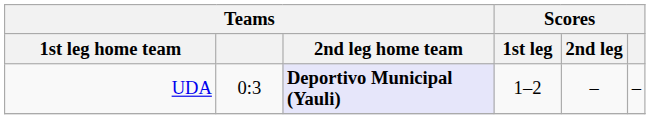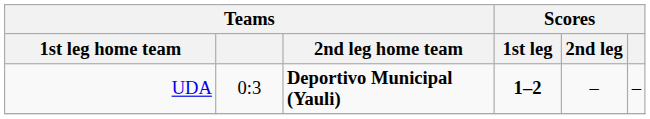 <table class="wikitable" style="text-align: center;">
 <tr>
 <th colspan=3>Teams</th>
 <th colspan=3>Scores</th>
 </tr>
 <tr>
 <th width="175">1st leg home team</th>
 <th width="50"></th>
 <th width="175">2nd leg home team</th>
 <th width="50">1st leg</th>
 <th width="50">2nd leg</th>
 <th></th>
 </tr>
 <tr>
 <td align=right><a href='#'>UDA</a></td>
 <td>0:3</td>
-<td align=left style="background: lavender;"><strong>Deportivo Municipal (Yauli)</strong></td>
-<td>1–2</td>
+<td align=left><strong>Deportivo Municipal (Yauli)</strong></td>
+<td><strong>1–2</strong></td>
 <td>–</td>
 <td>–</td>
 </tr>
 <tr>
 </tr>
 </table>
